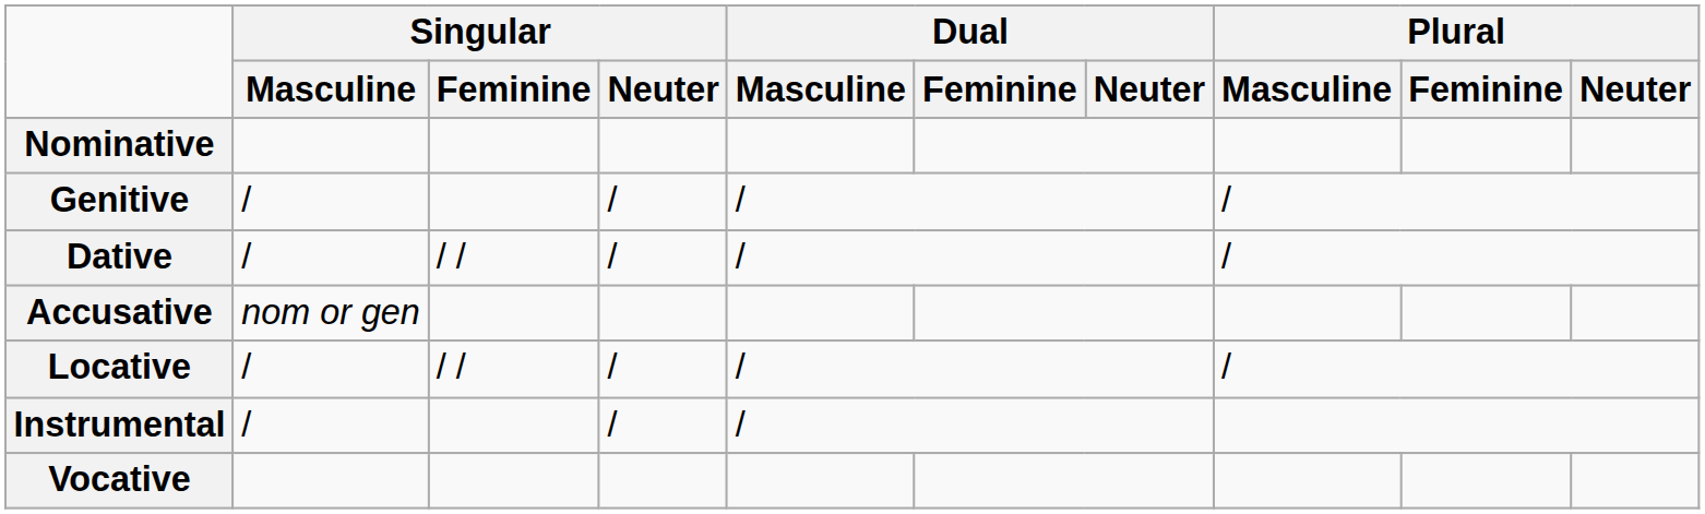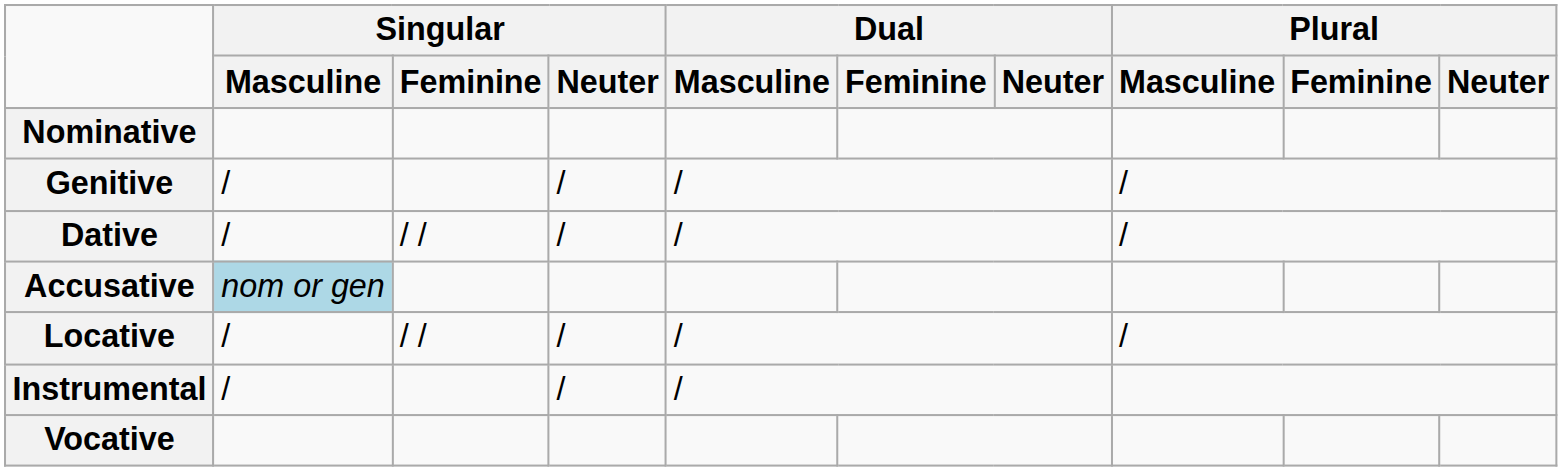 <table class="wikitable">
 <tr>
 <td rowspan="2"></td>
 <th colspan="3">Singular</th>
 <th colspan="3">Dual</th>
 <th colspan="3">Plural</th>
 </tr>
 <tr>
 <th>Masculine</th>
 <th>Feminine</th>
 <th>Neuter</th>
 <th>Masculine</th>
 <th>Feminine</th>
 <th>Neuter</th>
 <th>Masculine</th>
 <th>Feminine</th>
 <th>Neuter</th>
 </tr>
 <tr>
 <th>Nominative</th>
 <td></td>
 <td></td>
 <td></td>
 <td></td>
 <td colspan="2"></td>
 <td></td>
 <td></td>
 <td></td>
 </tr>
 <tr>
 <th>Genitive</th>
 <td> / </td>
 <td></td>
 <td> / </td>
 <td colspan="3"> / </td>
 <td colspan="3"> / </td>
 </tr>
 <tr>
 <th>Dative</th>
 <td> / </td>
 <td> /  / </td>
 <td> / </td>
 <td colspan="3"> / </td>
 <td colspan="3"> / </td>
 </tr>
 <tr>
 <th>Accusative</th>
-<td><em>nom or gen</em></td>
+<td style="background: lightblue;"><em>nom or gen</em></td>
 <td></td>
 <td></td>
 <td></td>
 <td colspan="2"></td>
 <td></td>
 <td></td>
 <td></td>
 </tr>
 <tr>
 <th>Locative</th>
 <td> / </td>
 <td> /  / </td>
 <td> / </td>
 <td colspan="3"> / </td>
 <td colspan="3"> / </td>
 </tr>
 <tr>
 <th>Instrumental</th>
 <td> / </td>
 <td></td>
 <td> / </td>
 <td colspan="3"> / </td>
 <td colspan="3"></td>
 </tr>
 <tr>
 <th>Vocative</th>
 <td></td>
 <td></td>
 <td></td>
 <td></td>
 <td colspan="2"></td>
 <td></td>
 <td></td>
 <td></td>
 </tr>
 </table>
